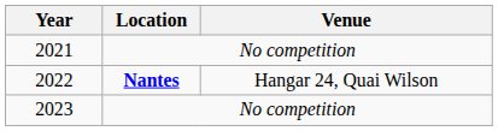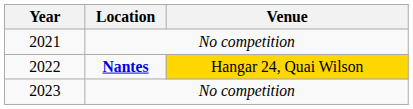 <table class="wikitable" style="text-align:center;">
 <tr>
 <th width="75">Year</th>
 <th width="75">Location</th>
 <th width="240">Venue</th>
 </tr>
 <tr>
 <td>2021</td>
 <td rowspan=1 colspan=2 align="center"><em>No competition</em></td>
 </tr>
 <tr>
 <td>2022</td>
 <td><strong><a href='#'>Nantes</a></strong></td>
-<td>Hangar 24, Quai Wilson</td>
+<td style="background: gold;">Hangar 24, Quai Wilson</td>
 </tr>
 <tr>
 <td>2023</td>
 <td rowspan=1 colspan=2 align="center"><em>No competition</em></td>
 </tr>
 </table>
